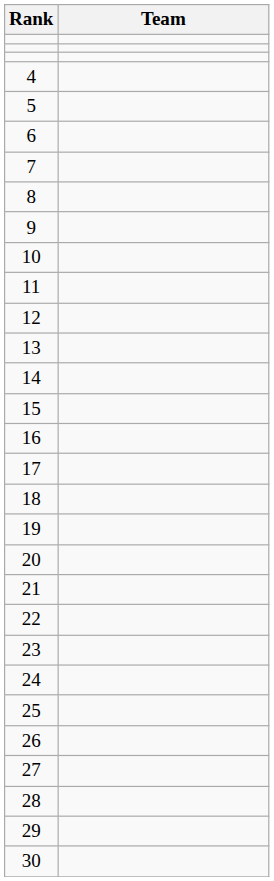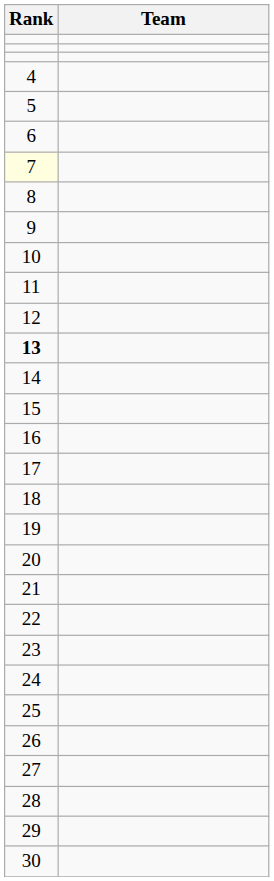 <table class="wikitable">
 <tr>
 <th>Rank</th>
 <th width=170>Team</th>
 </tr>
 <tr>
 <td align=center></td>
 <td></td>
 </tr>
 <tr>
 <td align=center></td>
 <td></td>
 </tr>
 <tr>
 <td align=center></td>
 <td></td>
 </tr>
 <tr>
 <td align=center>4</td>
 <td></td>
 </tr>
 <tr>
 <td align=center>5</td>
 <td></td>
 </tr>
 <tr>
 <td align=center>6</td>
 <td></td>
 </tr>
 <tr>
-<td align=center>7</td>
+<td align=center style="background: lightyellow;">7</td>
 <td></td>
 </tr>
 <tr>
 <td align=center>8</td>
 <td></td>
 </tr>
 <tr>
 <td align=center>9</td>
 <td></td>
 </tr>
 <tr>
 <td align=center>10</td>
 <td></td>
 </tr>
 <tr>
 <td align=center>11</td>
 <td></td>
 </tr>
 <tr>
 <td align=center>12</td>
 <td></td>
 </tr>
 <tr>
-<td align=center>13</td>
+<td align=center><strong>13</strong></td>
 <td></td>
 </tr>
 <tr>
 <td align=center>14</td>
 <td></td>
 </tr>
 <tr>
 <td align=center>15</td>
 <td></td>
 </tr>
 <tr>
 <td align=center>16</td>
 <td></td>
 </tr>
 <tr>
 <td align=center>17</td>
 <td></td>
 </tr>
 <tr>
 <td align=center>18</td>
 <td></td>
 </tr>
 <tr>
 <td align=center>19</td>
 <td></td>
 </tr>
 <tr>
 <td align=center>20</td>
 <td></td>
 </tr>
 <tr>
 <td align=center>21</td>
 <td></td>
 </tr>
 <tr>
 <td align=center>22</td>
 <td></td>
 </tr>
 <tr>
 <td align=center>23</td>
 <td></td>
 </tr>
 <tr>
 <td align=center>24</td>
 <td></td>
 </tr>
 <tr>
 <td align=center>25</td>
 <td></td>
 </tr>
 <tr>
 <td align=center>26</td>
 <td></td>
 </tr>
 <tr>
 <td align=center>27</td>
 <td></td>
 </tr>
 <tr>
 <td align=center>28</td>
 <td></td>
 </tr>
 <tr>
 <td align=center>29</td>
 <td></td>
 </tr>
 <tr>
 <td align=center>30</td>
 <td></td>
 </tr>
 </table>
